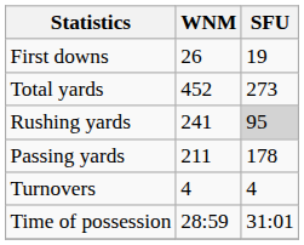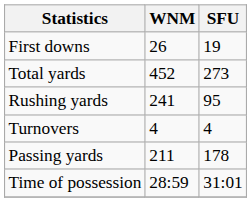 <table class="wikitable" style="float: left;">
 <tr>
 <th>Statistics</th>
 <th>WNM</th>
 <th>SFU</th>
 </tr>
 <tr>
 <td>First downs</td>
 <td>26</td>
 <td>19</td>
 </tr>
 <tr>
 <td>Total yards</td>
 <td>452</td>
 <td>273</td>
 </tr>
 <tr>
 <td>Rushing yards</td>
 <td>241</td>
-<td style="background: lightgrey;">95</td>
+<td>95</td>
+</tr>
+<tr>
+<td>Turnovers</td>
+<td>4</td>
+<td>4</td>
 </tr>
 <tr>
 <td>Passing yards</td>
 <td>211</td>
 <td>178</td>
-</tr>
-<tr>
-<td>Turnovers</td>
-<td>4</td>
-<td>4</td>
 </tr>
 <tr>
 <td>Time of possession</td>
 <td>28:59</td>
 <td>31:01</td>
 </tr>
 <tr>
 </tr>
 </table>
